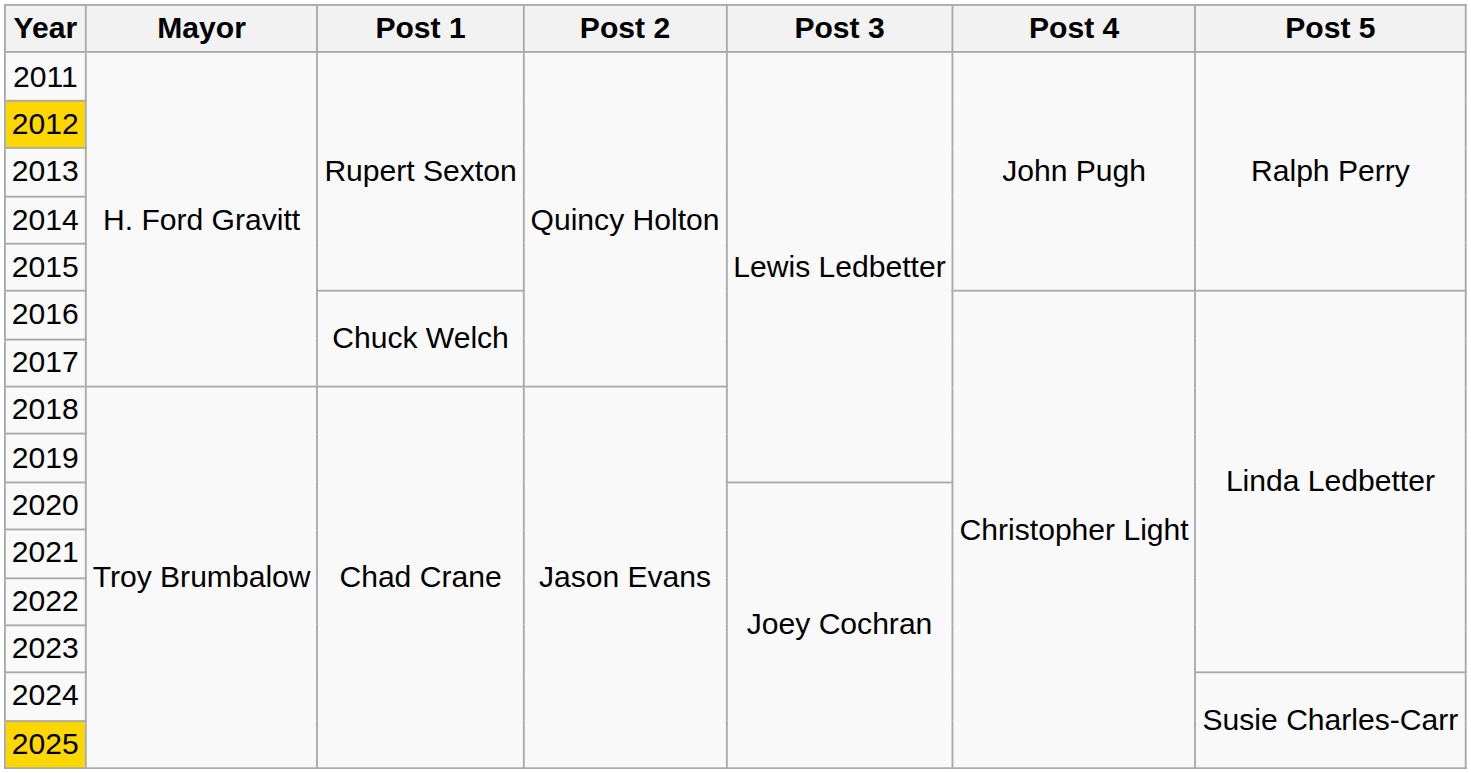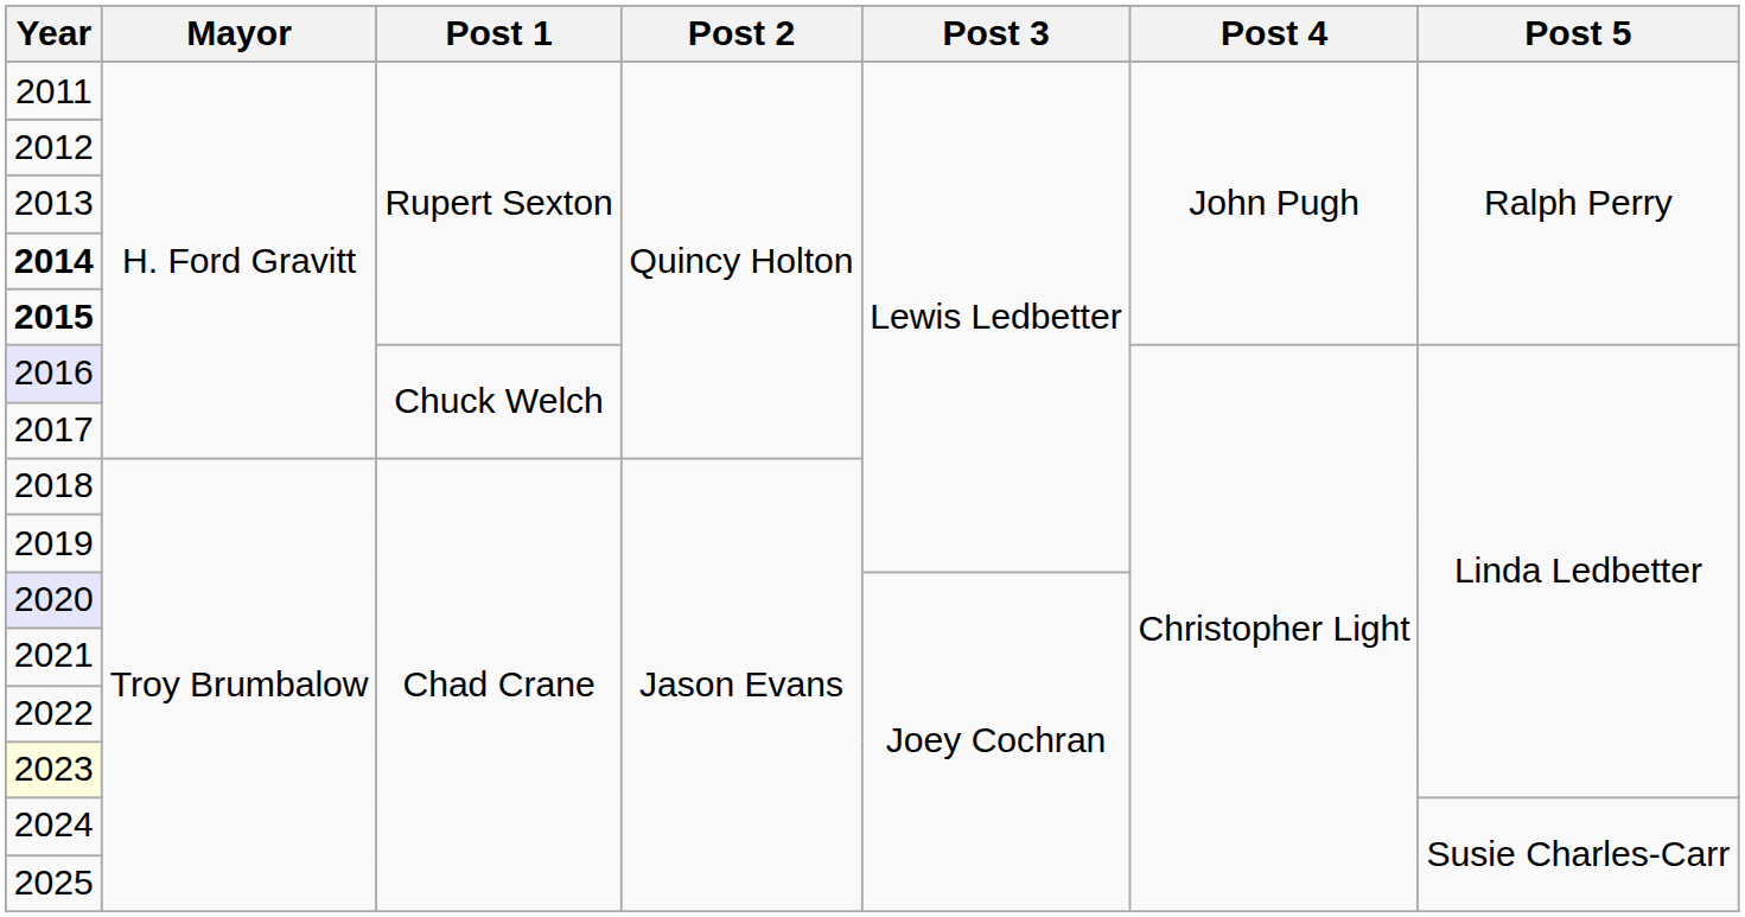 <table class="wikitable" style="text-align:center">
 <tr>
 <th>Year</th>
 <th>Mayor</th>
 <th>Post 1</th>
 <th>Post 2</th>
 <th>Post 3</th>
 <th>Post 4</th>
 <th>Post 5</th>
 </tr>
 <tr>
 <td>2011</td>
 <td rowspan=7>H. Ford Gravitt</td>
 <td rowspan=5>Rupert Sexton</td>
 <td rowspan=7>Quincy Holton</td>
 <td rowspan=9>Lewis Ledbetter</td>
 <td rowspan="5">John Pugh</td>
 <td rowspan="5">Ralph Perry</td>
 </tr>
 <tr>
-<td style="background: gold;">2012</td>
+<td>2012</td>
 </tr>
 <tr>
 <td>2013</td>
 </tr>
 <tr>
-<td>2014</td>
+<td><strong>2014</strong></td>
 </tr>
 <tr>
-<td>2015</td>
+<td><strong>2015</strong></td>
 </tr>
 <tr>
-<td>2016</td>
+<td style="background: lavender;">2016</td>
 <td rowspan=2>Chuck Welch</td>
 <td rowspan="10">Christopher Light</td>
 <td rowspan="8">Linda Ledbetter</td>
 </tr>
 <tr>
 <td>2017</td>
 </tr>
 <tr>
 <td>2018</td>
 <td rowspan="8">Troy Brumbalow</td>
 <td rowspan="8">Chad Crane</td>
 <td rowspan="8">Jason Evans</td>
 </tr>
 <tr>
 <td>2019</td>
 </tr>
 <tr>
-<td>2020</td>
+<td style="background: lavender;">2020</td>
 <td rowspan="6">Joey Cochran</td>
 </tr>
 <tr>
 <td>2021</td>
 </tr>
 <tr>
 <td>2022</td>
 </tr>
 <tr>
-<td>2023</td>
+<td style="background: lightyellow;">2023</td>
 </tr>
 <tr>
 <td>2024</td>
 <td rowspan="2">Susie Charles-Carr</td>
 </tr>
 <tr>
-<td style="background: gold;">2025</td>
+<td>2025</td>
 </tr>
 </table>
